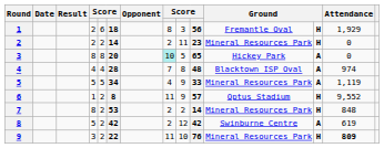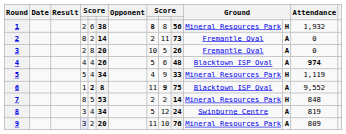 <table class="wikitable plainrowheaders sortable" style="font-size:90%; text-align:center;">
 <tr>
 <th scope="col" rowspan="2">Round</th>
 <th scope="col" rowspan="2">Date</th>
 <th scope="col" rowspan="2">Result</th>
 <th scope="col" colspan="3">Score</th>
 <th scope="col" rowspan="2">Opponent</th>
 <th scope="col" colspan="3">Score</th>
 <th scope="col" rowspan="2" colspan="2">Ground</th>
 <th scope="col" rowspan="2">Attendance</th>
 <th scope="col" rowspan="2"></th>
 </tr>
 <tr>
 <th scope="col"></th>
 <th scope="col"></th>
 <th scope="col"></th>
 <th scope="col"></th>
 <th scope="col"></th>
 <th scope="col"></th>
 </tr>
 <tr>
 <th scope="row" style="text-align:center;"><a href='#'>1</a></th>
 <td></td>
 <td></td>
 <td>2</td>
 <td>6</td>
-<th>18</th>
+<th>38</th>
 <td></td>
+<td><strong>8</strong></td>
 <td>8</td>
-<td>3</td>
 <th>56</th>
-<td><a href='#'>Fremantle Oval</a></td>
+<td><a href='#'>Mineral Resources Park</a></td>
 <td><strong>H</strong></td>
-<td>1,929</td>
+<td>1,932</td>
 <td></td>
 </tr>
 <tr>
 <th scope="row" style="text-align:center;"><a href='#'>2</a></th>
 <td></td>
 <td></td>
-<td>2</td>
+<td>8</td>
 <td>2</td>
 <th>14</th>
 <td></td>
 <td>2</td>
 <td>11</td>
-<th>23</th>
-<td><a href='#'>Mineral Resources Park</a></td>
-<td><strong>H</strong></td>
+<th>73</th>
+<td><a href='#'>Fremantle Oval</a></td>
+<td><strong>A</strong></td>
 <td>0</td>
 <td></td>
 </tr>
 <tr>
 <th scope="row" style="text-align:center;"><a href='#'>3</a></th>
 <td></td>
 <td></td>
-<td>8</td>
+<td>2</td>
 <td>8</td>
 <th>20</th>
 <td></td>
-<td style="background: paleturquoise;">10</td>
+<td>10</td>
 <td>5</td>
-<th>65</th>
-<td><a href='#'>Hickey Park</a></td>
+<th>26</th>
+<td><a href='#'>Fremantle Oval</a></td>
 <td><strong>A</strong></td>
 <td>0</td>
 <td></td>
 </tr>
 <tr>
 <th scope="row" style="text-align:center;"><a href='#'>4</a></th>
 <td></td>
 <td></td>
 <td>4</td>
 <td>4</td>
-<th>28</th>
+<th>26</th>
 <td></td>
-<td>7</td>
-<td>8</td>
+<td>5</td>
+<td>6</td>
 <th>48</th>
 <td><a href='#'>Blacktown ISP Oval</a></td>
 <td><strong>A</strong></td>
-<td>974</td>
+<td><strong>974</strong></td>
 <td></td>
 </tr>
 <tr>
 <th scope="row" style="text-align:center;"><a href='#'>5</a></th>
 <td></td>
 <td></td>
 <td>5</td>
-<td>5</td>
+<td>4</td>
 <th>34</th>
 <td></td>
 <td>4</td>
 <td>9</td>
 <th>33</th>
 <td><a href='#'>Mineral Resources Park</a></td>
-<td><strong>A</strong></td>
+<td><strong>H</strong></td>
 <td>1,119</td>
 <td></td>
 </tr>
 <tr>
 <th scope="row" style="text-align:center;"><a href='#'>6</a></th>
 <td></td>
 <td></td>
 <td>1</td>
-<td>2</td>
+<td><strong>2</strong></td>
 <th>8</th>
 <td></td>
 <td>11</td>
-<td>9</td>
-<th>57</th>
-<td><a href='#'>Optus Stadium</a></td>
-<td><strong>H</strong></td>
+<td><strong>9</strong></td>
+<th>75</th>
+<td><a href='#'>Blacktown ISP Oval</a></td>
+<td><strong>A</strong></td>
 <td>9,552</td>
 <td></td>
 </tr>
 <tr>
 <th scope="row" style="text-align:center;"><a href='#'>7</a></th>
 <td></td>
 <td></td>
 <td>8</td>
-<td>2</td>
+<td>5</td>
 <th>53</th>
 <td></td>
 <td>2</td>
 <td>2</td>
 <th>14</th>
 <td><a href='#'>Mineral Resources Park</a></td>
 <td><strong>H</strong></td>
 <td>848</td>
 <td></td>
 </tr>
 <tr>
 <th scope="row" style="text-align:center;"><a href='#'>8</a></th>
 <td></td>
 <td></td>
+<td>3</td>
+<td>4</td>
+<th>34</th>
+<td></td>
 <td>5</td>
-<td>2</td>
-<th>42</th>
-<td></td>
-<td>2</td>
 <td>12</td>
-<th>42</th>
+<th>24</th>
 <td><a href='#'>Swinburne Centre</a></td>
 <td><strong>A</strong></td>
-<td>619</td>
+<td>819</td>
 <td></td>
 </tr>
 <tr>
 <th scope="row" style="text-align:center;"><a href='#'>9</a></th>
 <td></td>
 <td></td>
-<td>3</td>
+<td style="background: lavender;">3</td>
 <td>2</td>
-<th>22</th>
+<th>20</th>
 <td></td>
 <td>11</td>
 <td>10</td>
 <th>76</th>
 <td><a href='#'>Mineral Resources Park</a></td>
-<td><strong>H</strong></td>
-<td><strong>809</strong></td>
+<td><strong>A</strong></td>
+<td>809</td>
 <td></td>
 </tr>
 </table>
